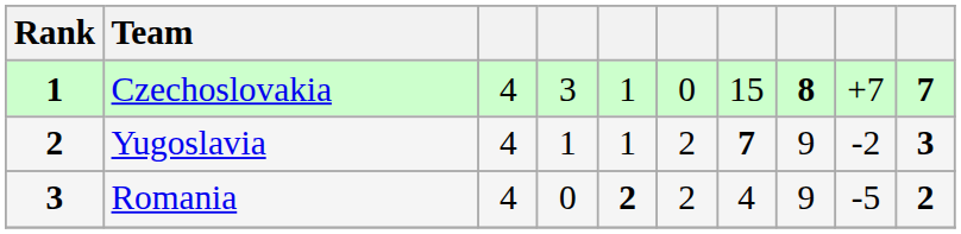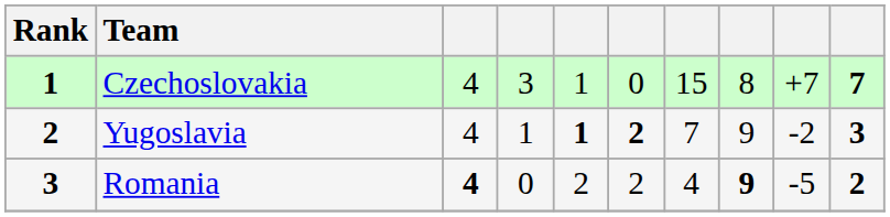 <table class="wikitable" style="text-align:center">
 <tr>
 <th width=30>Rank</th>
 <th width=165 style="text-align:left;">Team</th>
 <th width=20></th>
 <th width=20></th>
 <th width=20></th>
 <th width=20></th>
 <th width=20></th>
 <th width=20></th>
 <th width=20></th>
 <th width=20></th>
 </tr>
 <tr align=center style="background:#ccffcc;">
 <td><strong>1</strong></td>
 <td style="text-align:left;"> <a href='#'>Czechoslovakia</a></td>
 <td>4</td>
 <td>3</td>
 <td>1</td>
 <td>0</td>
 <td>15</td>
-<td><strong>8</strong></td>
+<td>8</td>
 <td>+7</td>
 <td><strong>7</strong></td>
 </tr>
 <tr align=center style="background:#f5f5f5;">
 <td><strong>2</strong></td>
 <td style="text-align:left;"> <a href='#'>Yugoslavia</a></td>
 <td>4</td>
 <td>1</td>
-<td>1</td>
-<td>2</td>
-<td><strong>7</strong></td>
+<td><strong>1</strong></td>
+<td><strong>2</strong></td>
+<td>7</td>
 <td>9</td>
 <td>-2</td>
 <td><strong>3</strong></td>
 </tr>
 <tr align=center style="background:#f5f5f5;">
 <td><strong>3</strong></td>
 <td style="text-align:left;"> <a href='#'>Romania</a></td>
-<td>4</td>
+<td><strong>4</strong></td>
 <td>0</td>
-<td><strong>2</strong></td>
+<td>2</td>
 <td>2</td>
 <td>4</td>
-<td>9</td>
+<td><strong>9</strong></td>
 <td>-5</td>
 <td><strong>2</strong></td>
 </tr>
 <tr align=center style="background:#f5f5f5;">
 </tr>
 </table>
